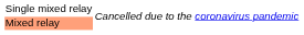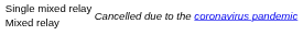 <table>
 <tr>
 <td>Single mixed relay</td>
 <td colspan=6 rowspan=2  align=center><em>Cancelled due to the <a href='#'>coronavirus pandemic</a></em></td>
 </tr>
 <tr>
-<td style="background: lightsalmon;">Mixed relay</td>
+<td>Mixed relay</td>
 </tr>
 </table>
